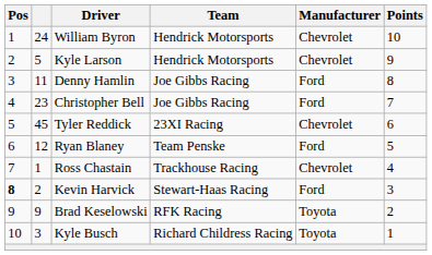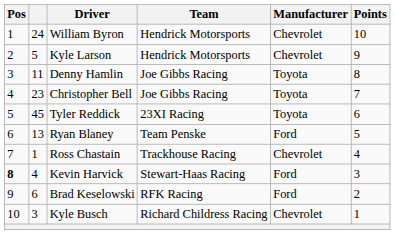 <table class="wikitable" style="font-size:98%">
 <tr>
 <th>Pos</th>
 <th></th>
 <th>Driver</th>
 <th>Team</th>
 <th>Manufacturer</th>
 <th>Points</th>
 </tr>
 <tr>
 <td>1</td>
 <td>24</td>
 <td>William Byron</td>
 <td>Hendrick Motorsports</td>
 <td>Chevrolet</td>
 <td>10</td>
 </tr>
 <tr>
 <td>2</td>
 <td>5</td>
 <td>Kyle Larson</td>
 <td>Hendrick Motorsports</td>
 <td>Chevrolet</td>
 <td>9</td>
 </tr>
 <tr>
 <td>3</td>
 <td>11</td>
 <td>Denny Hamlin</td>
 <td>Joe Gibbs Racing</td>
-<td>Ford</td>
+<td>Toyota</td>
 <td>8</td>
 </tr>
 <tr>
 <td>4</td>
 <td>23</td>
 <td>Christopher Bell</td>
 <td>Joe Gibbs Racing</td>
-<td>Ford</td>
+<td>Toyota</td>
 <td>7</td>
 </tr>
 <tr>
 <td>5</td>
 <td>45</td>
 <td>Tyler Reddick</td>
 <td>23XI Racing</td>
-<td>Chevrolet</td>
+<td>Toyota</td>
 <td>6</td>
 </tr>
 <tr>
 <td>6</td>
-<td>12</td>
+<td>13</td>
 <td>Ryan Blaney</td>
 <td>Team Penske</td>
 <td>Ford</td>
 <td>5</td>
 </tr>
 <tr>
 <td>7</td>
 <td>1</td>
 <td>Ross Chastain</td>
 <td>Trackhouse Racing</td>
 <td>Chevrolet</td>
 <td>4</td>
 </tr>
 <tr>
 <td><strong>8</strong></td>
-<td>2</td>
+<td>4</td>
 <td>Kevin Harvick</td>
 <td>Stewart-Haas Racing</td>
 <td>Ford</td>
 <td>3</td>
 </tr>
 <tr>
 <td>9</td>
-<td>9</td>
+<td>6</td>
 <td>Brad Keselowski</td>
 <td>RFK Racing</td>
-<td>Toyota</td>
+<td>Ford</td>
 <td>2</td>
 </tr>
 <tr>
 <td>10</td>
 <td>3</td>
 <td>Kyle Busch</td>
 <td>Richard Childress Racing</td>
-<td>Toyota</td>
+<td>Chevrolet</td>
 <td>1</td>
 </tr>
 <tr>
 <th colspan="6"></th>
 </tr>
 </table>
